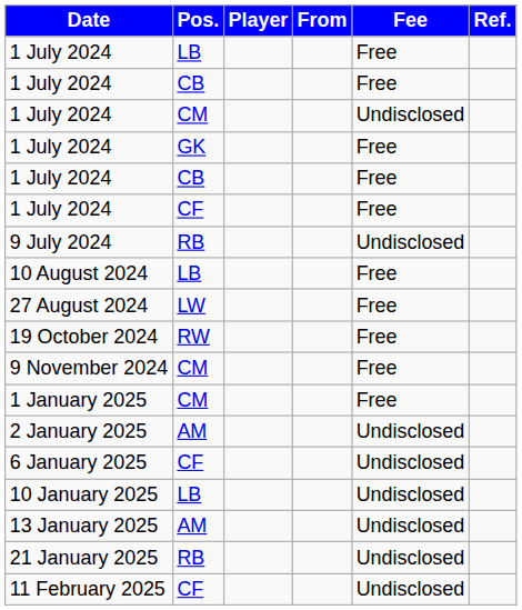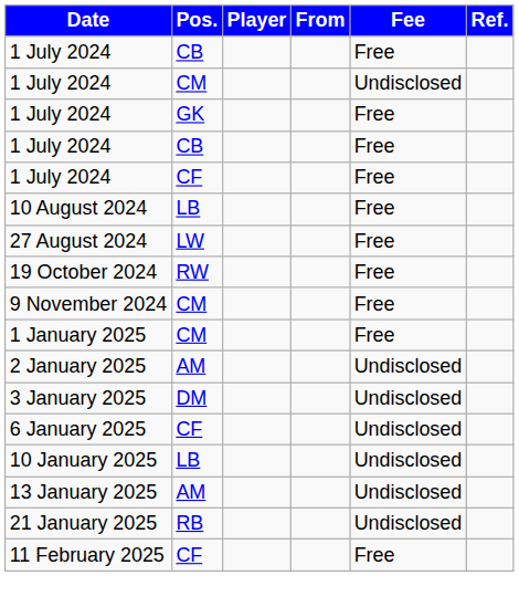 <table class="wikitable plainrowheaders sortable">
 <tr>
 <th style="background:#0000FF;color:white;">Date</th>
 <th style="background:#0000FF;color:white;">Pos.</th>
 <th style="background:#0000FF;color:white;">Player</th>
 <th style="background:#0000FF;color:white;">From</th>
 <th style="background:#0000FF;color:white;">Fee</th>
 <th style="background:#0000FF;color:white;">Ref.</th>
-</tr>
-<tr>
-<td>1 July 2024</td>
-<td><a href='#'>LB</a></td>
-<td></td>
-<td></td>
-<td>Free</td>
-<td></td>
 </tr>
 <tr>
 <td>1 July 2024</td>
 <td><a href='#'>CB</a></td>
 <td></td>
 <td></td>
 <td>Free</td>
 <td></td>
 </tr>
 <tr>
 <td>1 July 2024</td>
 <td><a href='#'>CM</a></td>
 <td></td>
 <td></td>
 <td>Undisclosed</td>
 <td></td>
 </tr>
 <tr>
 <td>1 July 2024</td>
 <td><a href='#'>GK</a></td>
 <td></td>
 <td></td>
 <td>Free</td>
 <td></td>
 </tr>
 <tr>
 <td>1 July 2024</td>
 <td><a href='#'>CB</a></td>
 <td></td>
 <td></td>
 <td>Free</td>
 <td></td>
 </tr>
 <tr>
 <td>1 July 2024</td>
 <td><a href='#'>CF</a></td>
 <td></td>
 <td></td>
 <td>Free</td>
-<td></td>
-</tr>
-<tr>
-<td>9 July 2024</td>
-<td><a href='#'>RB</a></td>
-<td></td>
-<td></td>
-<td>Undisclosed</td>
 <td></td>
 </tr>
 <tr>
 <td>10 August 2024</td>
 <td><a href='#'>LB</a></td>
 <td></td>
 <td></td>
 <td>Free</td>
 <td></td>
 </tr>
 <tr>
 <td>27 August 2024</td>
 <td><a href='#'>LW</a></td>
 <td></td>
 <td></td>
 <td>Free</td>
 <td></td>
 </tr>
 <tr>
 <td>19 October 2024</td>
 <td><a href='#'>RW</a></td>
 <td></td>
 <td></td>
 <td>Free</td>
 <td></td>
 </tr>
 <tr>
 <td>9 November 2024</td>
 <td><a href='#'>CM</a></td>
 <td></td>
 <td></td>
 <td>Free</td>
 <td></td>
 </tr>
 <tr>
 <td>1 January 2025</td>
 <td><a href='#'>CM</a></td>
 <td></td>
 <td></td>
 <td>Free</td>
 <td></td>
 </tr>
 <tr>
 <td>2 January 2025</td>
 <td><a href='#'>AM</a></td>
 <td></td>
 <td></td>
 <td>Undisclosed</td>
 <td></td>
 </tr>
 <tr>
+<td>3 January 2025</td>
+<td><a href='#'>DM</a></td>
+<td></td>
+<td></td>
+<td>Undisclosed</td>
+<td></td>
+</tr>
+<tr>
 <td>6 January 2025</td>
 <td><a href='#'>CF</a></td>
 <td></td>
 <td></td>
 <td>Undisclosed</td>
 <td></td>
 </tr>
 <tr>
 <td>10 January 2025</td>
 <td><a href='#'>LB</a></td>
 <td></td>
 <td></td>
 <td>Undisclosed</td>
 <td></td>
 </tr>
 <tr>
 <td>13 January 2025</td>
 <td><a href='#'>AM</a></td>
 <td></td>
 <td></td>
 <td>Undisclosed</td>
 <td></td>
 </tr>
 <tr>
 <td>21 January 2025</td>
 <td><a href='#'>RB</a></td>
 <td></td>
 <td></td>
 <td>Undisclosed</td>
 <td></td>
 </tr>
 <tr>
 <td>11 February 2025</td>
 <td><a href='#'>CF</a></td>
 <td></td>
 <td></td>
-<td>Undisclosed</td>
+<td>Free</td>
 <td></td>
 </tr>
 </table>
